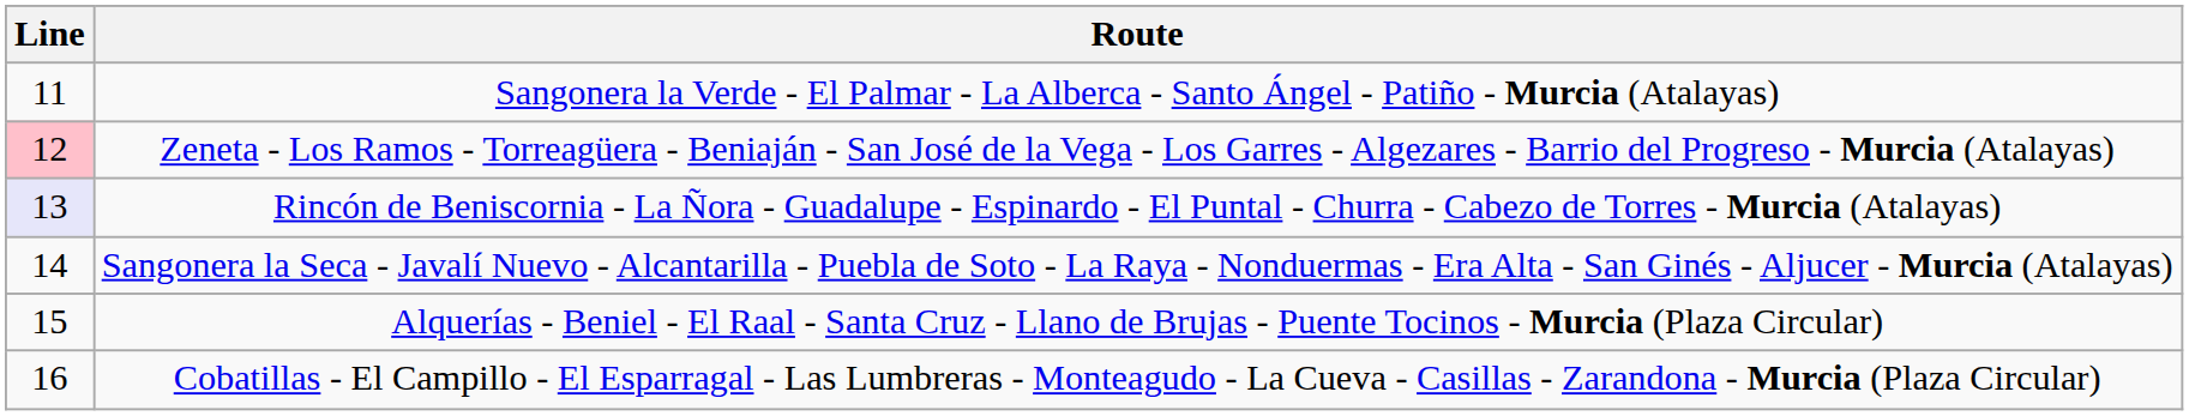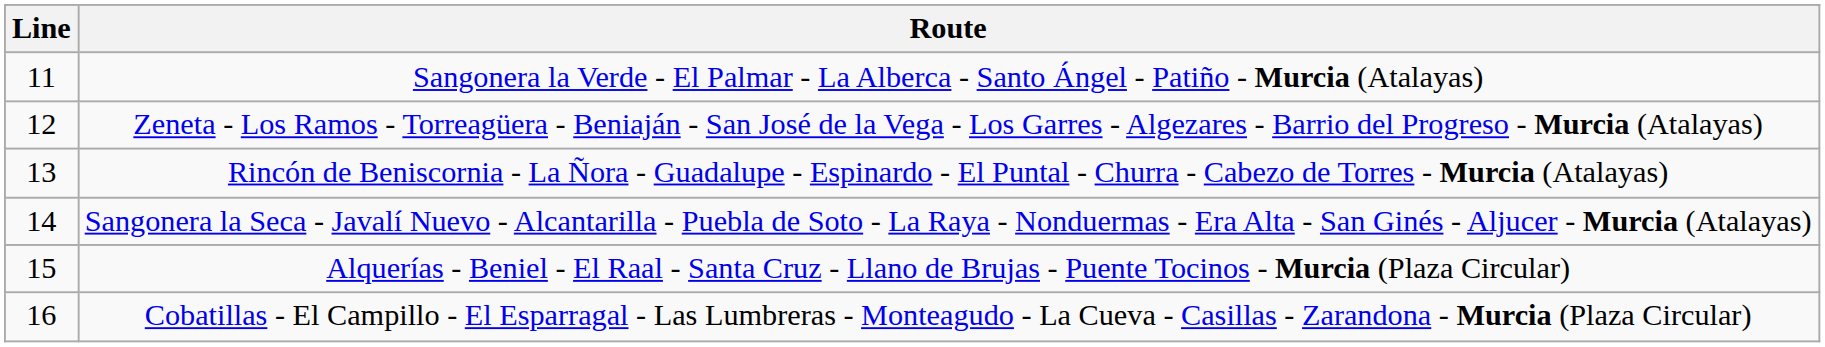 <table class="wikitable" border="1">
 <tr>
 <th>Line</th>
 <th>Route</th>
 </tr>
 <tr -->
 <td style="text-align:center;">11</td>
 <td style="text-align:center;"><a href='#'>Sangonera la Verde</a> - <a href='#'>El Palmar</a> - <a href='#'>La Alberca</a> - <a href='#'>Santo Ángel</a> - <a href='#'>Patiño</a> - <strong>Murcia</strong> (Atalayas)</td>
 </tr>
 <tr -->
-<td style="background: pink; text-align:center;">12</td>
+<td style="text-align:center;">12</td>
 <td style="text-align:center;"><a href='#'>Zeneta</a> - <a href='#'>Los Ramos</a> - <a href='#'>Torreagüera</a> - <a href='#'>Beniaján</a> - <a href='#'>San José de la Vega</a> - <a href='#'>Los Garres</a> - <a href='#'>Algezares</a> - <a href='#'>Barrio del Progreso</a> - <strong>Murcia</strong> (Atalayas)</td>
 </tr>
 <tr -->
-<td style="background: lavender; text-align:center;">13</td>
+<td style="text-align:center;">13</td>
 <td style="text-align:center;"><a href='#'>Rincón de Beniscornia</a> - <a href='#'>La Ñora</a> - <a href='#'>Guadalupe</a> - <a href='#'>Espinardo</a> - <a href='#'>El Puntal</a> - <a href='#'>Churra</a> - <a href='#'>Cabezo de Torres</a> - <strong>Murcia</strong> (Atalayas)</td>
 </tr>
 <tr -->
 <td style="text-align:center;">14</td>
 <td style="text-align:center;"><a href='#'>Sangonera la Seca</a> - <a href='#'>Javalí Nuevo</a> - <a href='#'>Alcantarilla</a>  - <a href='#'>Puebla de Soto</a> - <a href='#'>La Raya</a> - <a href='#'>Nonduermas</a> - <a href='#'>Era Alta</a> - <a href='#'>San Ginés</a> - <a href='#'>Aljucer</a> - <strong>Murcia</strong> (Atalayas)</td>
 </tr>
 <tr -->
 <td style="text-align:center;">15</td>
 <td style="text-align:center;"><a href='#'>Alquerías</a> - <a href='#'>Beniel</a> - <a href='#'>El Raal</a> - <a href='#'>Santa Cruz</a> - <a href='#'>Llano de Brujas</a> - <a href='#'>Puente Tocinos</a> - <strong>Murcia</strong> (Plaza Circular)</td>
 </tr>
 <tr -->
 <td style="text-align:center;">16</td>
 <td style="text-align:center;"><a href='#'>Cobatillas</a> - El Campillo - <a href='#'>El Esparragal</a> - Las Lumbreras - <a href='#'>Monteagudo</a> - La Cueva - <a href='#'>Casillas</a> - <a href='#'>Zarandona</a> - <strong>Murcia</strong> (Plaza Circular)</td>
 </tr>
 </table>
